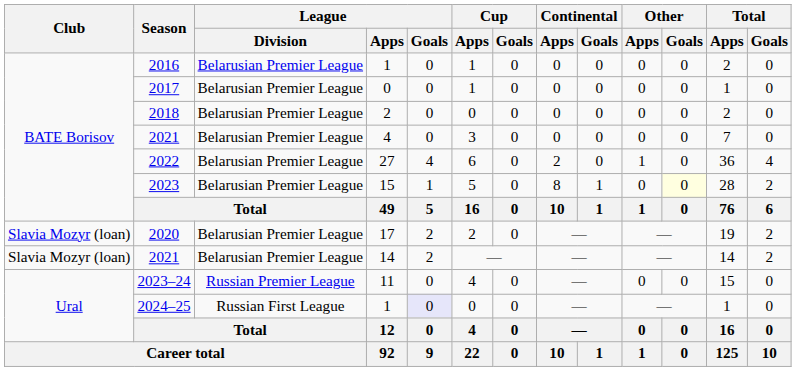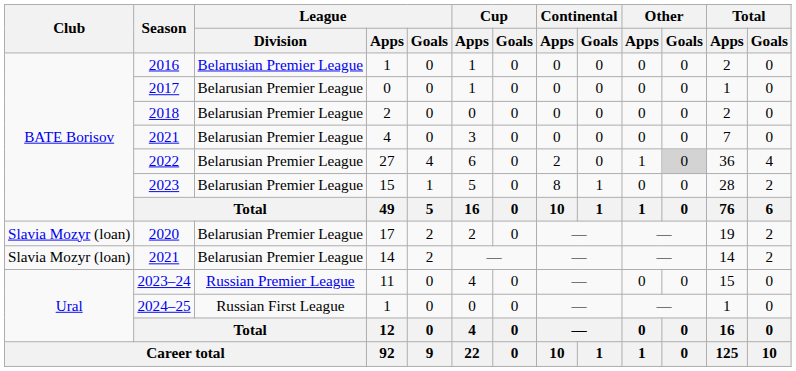 <table class="wikitable" style="text-align: center;">
 <tr>
 <th rowspan=2>Club</th>
 <th rowspan=2>Season</th>
 <th colspan=3>League</th>
 <th colspan=2>Cup</th>
 <th colspan=2>Continental</th>
 <th colspan=2>Other</th>
 <th colspan=2>Total</th>
 </tr>
 <tr>
 <th>Division</th>
 <th>Apps</th>
 <th>Goals</th>
 <th>Apps</th>
 <th>Goals</th>
 <th>Apps</th>
 <th>Goals</th>
 <th>Apps</th>
 <th>Goals</th>
 <th>Apps</th>
 <th>Goals</th>
 </tr>
 <tr>
 <td rowspan="7"><a href='#'>BATE Borisov</a></td>
 <td><a href='#'>2016</a></td>
 <td><a href='#'>Belarusian Premier League</a></td>
 <td>1</td>
 <td>0</td>
 <td>1</td>
 <td>0</td>
 <td>0</td>
 <td>0</td>
 <td>0</td>
 <td>0</td>
 <td>2</td>
 <td>0</td>
 </tr>
 <tr>
 <td><a href='#'>2017</a></td>
 <td>Belarusian Premier League</td>
 <td>0</td>
 <td>0</td>
 <td>1</td>
 <td>0</td>
 <td>0</td>
 <td>0</td>
 <td>0</td>
 <td>0</td>
 <td>1</td>
 <td>0</td>
 </tr>
 <tr>
 <td><a href='#'>2018</a></td>
 <td>Belarusian Premier League</td>
 <td>2</td>
 <td>0</td>
 <td>0</td>
 <td>0</td>
 <td>0</td>
 <td>0</td>
 <td>0</td>
 <td>0</td>
 <td>2</td>
 <td>0</td>
 </tr>
 <tr>
 <td><a href='#'>2021</a></td>
 <td>Belarusian Premier League</td>
 <td>4</td>
 <td>0</td>
 <td>3</td>
 <td>0</td>
 <td>0</td>
 <td>0</td>
 <td>0</td>
 <td>0</td>
 <td>7</td>
 <td>0</td>
 </tr>
 <tr>
 <td><a href='#'>2022</a></td>
 <td>Belarusian Premier League</td>
 <td>27</td>
 <td>4</td>
 <td>6</td>
 <td>0</td>
 <td>2</td>
 <td>0</td>
 <td>1</td>
-<td>0</td>
+<td style="background: lightgrey;">0</td>
 <td>36</td>
 <td>4</td>
 </tr>
 <tr>
 <td><a href='#'>2023</a></td>
 <td>Belarusian Premier League</td>
 <td>15</td>
 <td>1</td>
 <td>5</td>
 <td>0</td>
 <td>8</td>
 <td>1</td>
 <td>0</td>
-<td style="background: lightyellow;">0</td>
+<td>0</td>
 <td>28</td>
 <td>2</td>
 </tr>
 <tr>
 <th colspan="2">Total</th>
 <th>49</th>
 <th>5</th>
 <th>16</th>
 <th>0</th>
 <th>10</th>
 <th>1</th>
 <th>1</th>
 <th>0</th>
 <th>76</th>
 <th>6</th>
 </tr>
 <tr>
 <td><a href='#'>Slavia Mozyr</a> (loan)</td>
 <td><a href='#'>2020</a></td>
 <td>Belarusian Premier League</td>
 <td>17</td>
 <td>2</td>
 <td>2</td>
 <td>0</td>
 <td colspan="2">—</td>
 <td colspan="2">—</td>
 <td>19</td>
 <td>2</td>
 </tr>
 <tr>
 <td>Slavia Mozyr (loan)</td>
 <td><a href='#'>2021</a></td>
 <td>Belarusian Premier League</td>
 <td>14</td>
 <td>2</td>
 <td colspan="2">—</td>
 <td colspan="2">—</td>
 <td colspan="2">—</td>
 <td>14</td>
 <td>2</td>
 </tr>
 <tr>
 <td rowspan="3"><a href='#'>Ural</a></td>
 <td><a href='#'>2023–24</a></td>
 <td><a href='#'>Russian Premier League</a></td>
 <td>11</td>
 <td>0</td>
 <td>4</td>
 <td>0</td>
 <td colspan="2">—</td>
 <td>0</td>
 <td>0</td>
 <td>15</td>
 <td>0</td>
 </tr>
 <tr>
 <td><a href='#'>2024–25</a></td>
 <td>Russian First League</td>
 <td>1</td>
-<td style="background: lavender;">0</td>
+<td>0</td>
 <td>0</td>
 <td>0</td>
 <td colspan="2">—</td>
 <td colspan="2">—</td>
 <td>1</td>
 <td>0</td>
 </tr>
 <tr>
 <th colspan="2">Total</th>
 <th>12</th>
 <th>0</th>
 <th>4</th>
 <th>0</th>
 <th colspan="2">—</th>
 <th>0</th>
 <th>0</th>
 <th>16</th>
 <th>0</th>
 </tr>
 <tr>
 <th colspan="3">Career total</th>
 <th>92</th>
 <th>9</th>
 <th>22</th>
 <th>0</th>
 <th>10</th>
 <th>1</th>
 <th>1</th>
 <th>0</th>
 <th>125</th>
 <th>10</th>
 </tr>
 </table>
